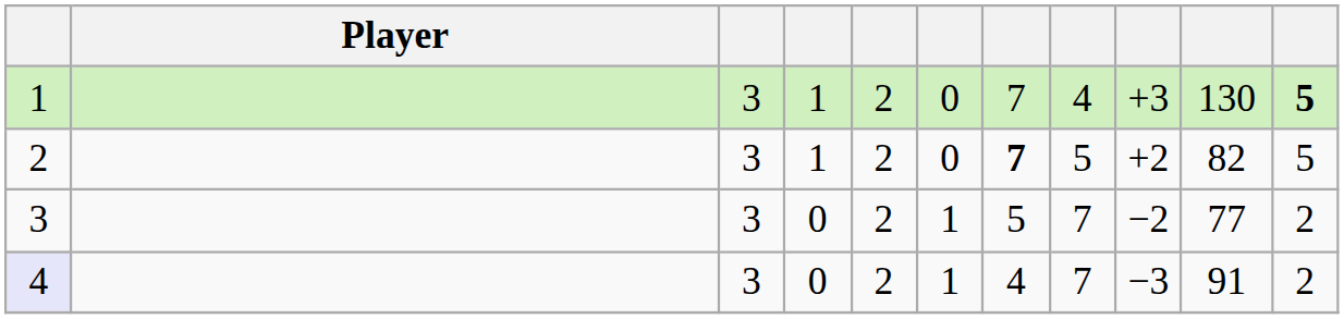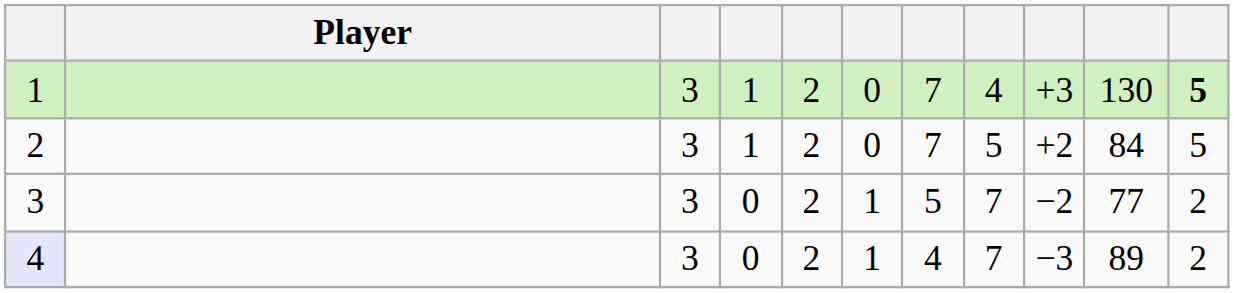 <table class="wikitable" style="text-align:center;">
 <tr>
 <th width=20></th>
 <th width=260>Player</th>
 <th width=20></th>
 <th width=20></th>
 <th width=20></th>
 <th width=20></th>
 <th width=20></th>
 <th width=20></th>
 <th width=20></th>
 <th width=30></th>
 <th width=20></th>
 </tr>
 <tr style="background:#D0F0C0;">
 <td>1</td>
 <td align=left> <small></small></td>
 <td>3</td>
 <td>1</td>
 <td>2</td>
 <td>0</td>
 <td>7</td>
 <td>4</td>
 <td>+3</td>
 <td>130</td>
 <td><strong>5</strong></td>
 </tr>
 <tr>
 <td>2</td>
 <td align=left> <small></small></td>
 <td>3</td>
 <td>1</td>
 <td>2</td>
 <td>0</td>
-<td><strong>7</strong></td>
+<td>7</td>
 <td>5</td>
 <td>+2</td>
-<td>82</td>
+<td>84</td>
 <td>5</td>
 </tr>
 <tr>
 <td>3</td>
 <td align=left> <small></small></td>
 <td>3</td>
 <td>0</td>
 <td>2</td>
 <td>1</td>
 <td>5</td>
 <td>7</td>
 <td>−2</td>
 <td>77</td>
 <td>2</td>
 </tr>
 <tr>
 <td style="background: lavender;">4</td>
 <td align=left> <small></small></td>
 <td>3</td>
 <td>0</td>
 <td>2</td>
 <td>1</td>
 <td>4</td>
 <td>7</td>
 <td>−3</td>
-<td>91</td>
+<td>89</td>
 <td>2</td>
 </tr>
 <tr>
 </tr>
 </table>
